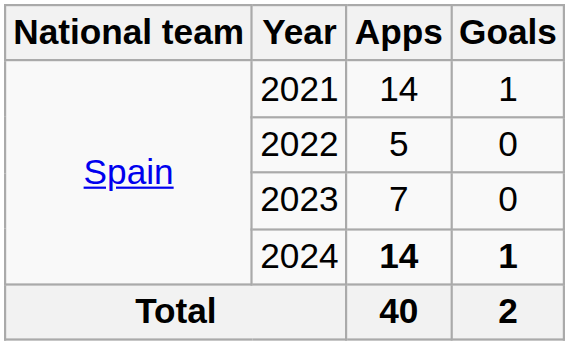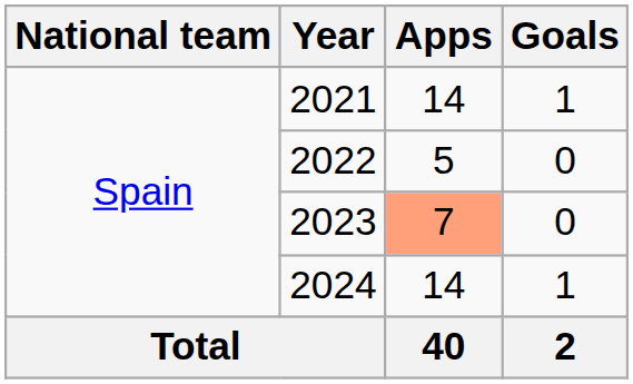 <table class="wikitable" style="text-align: center;">
 <tr>
 <th>National team</th>
 <th>Year</th>
 <th>Apps</th>
 <th>Goals</th>
 </tr>
 <tr>
 <td rowspan="4"><a href='#'>Spain</a></td>
 <td>2021</td>
 <td>14</td>
 <td>1</td>
 </tr>
 <tr>
 <td>2022</td>
 <td>5</td>
 <td>0</td>
 </tr>
 <tr>
 <td>2023</td>
-<td>7</td>
+<td style="background: lightsalmon;">7</td>
 <td>0</td>
 </tr>
 <tr>
 <td>2024</td>
-<td><strong>14</strong></td>
-<td><strong>1</strong></td>
+<td>14</td>
+<td>1</td>
 </tr>
 <tr>
 <th colspan="2">Total</th>
 <th>40</th>
 <th>2</th>
 </tr>
 </table>
